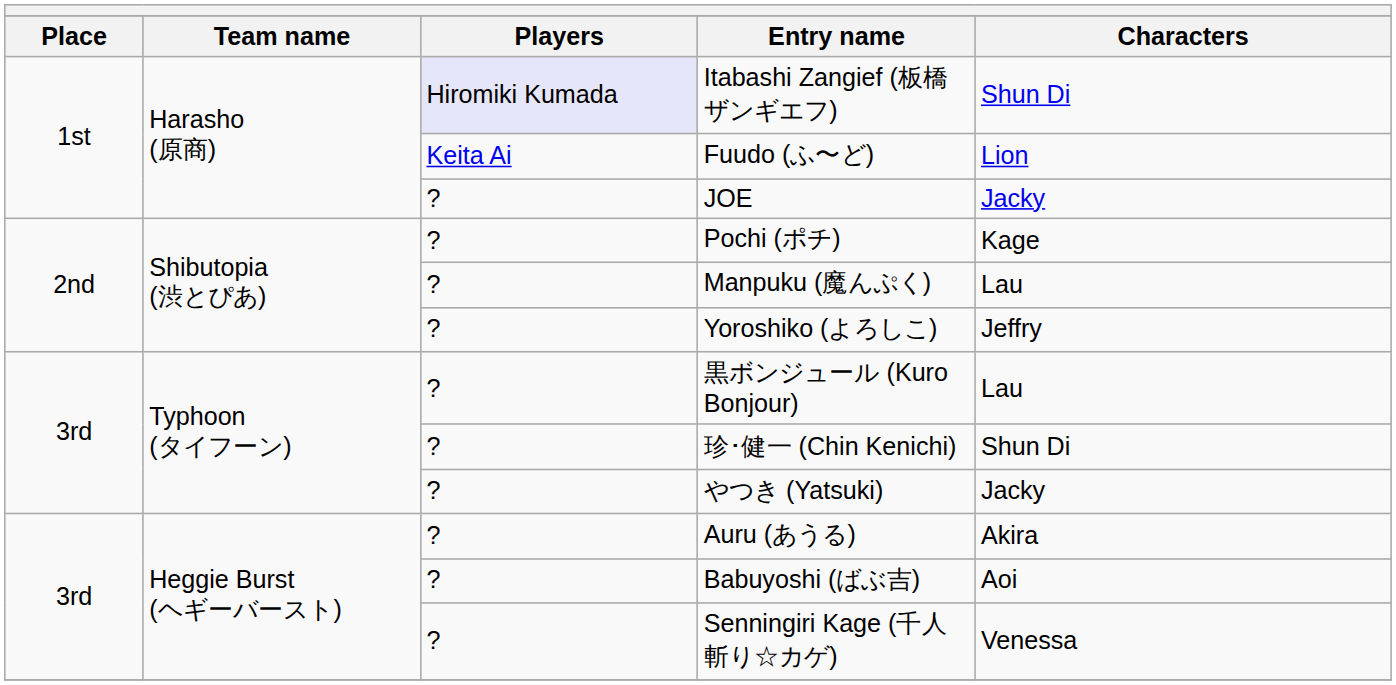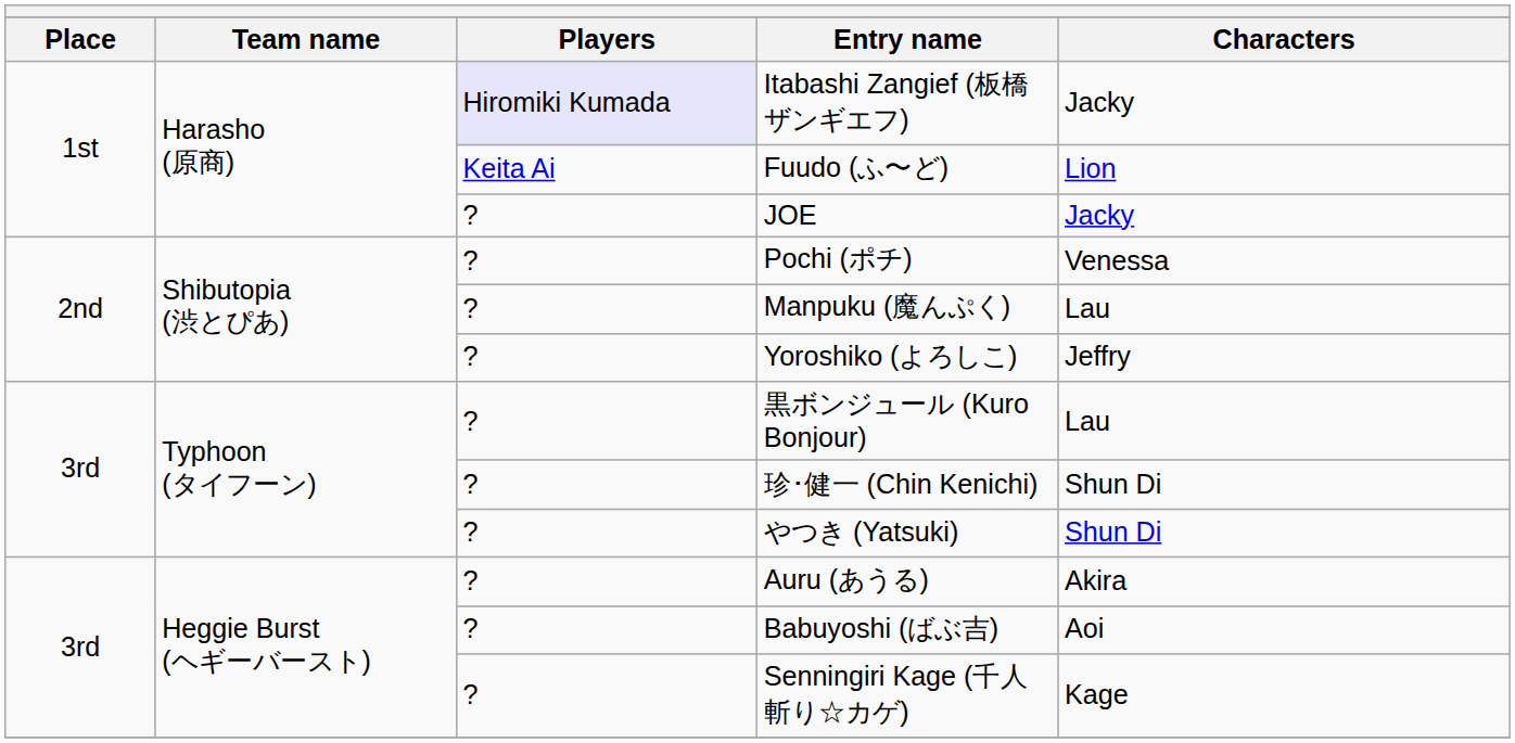 <table class="wikitable" width=100%>
 <tr>
 <th colspan=5></th>
 </tr>
 <tr bgcolor="#dddddd">
 </tr>
 <tr>
 <th width=10%>Place</th>
 <th width=20%>Team name</th>
 <th width=20%>Players</th>
 <th width=20%>Entry name</th>
 <th width=30%>Characters</th>
 </tr>
 <tr>
 <td align=center rowspan="3">1st</td>
 <td rowspan="3">Harasho<br>(原商)</td>
 <td style="background: lavender;">Hiromiki Kumada</td>
 <td>Itabashi Zangief (板橋ザンギエフ)</td>
-<td><a href='#'>Shun Di</a></td>
+<td>Jacky</td>
 </tr>
 <tr>
 <td><a href='#'>Keita Ai</a></td>
 <td>Fuudo (ふ〜ど)</td>
 <td><a href='#'>Lion</a></td>
 </tr>
 <tr>
 <td>?</td>
 <td>JOE</td>
 <td><a href='#'>Jacky</a></td>
 </tr>
 <tr>
 <td align=center rowspan="3">2nd</td>
 <td rowspan="3">Shibutopia<br>(渋とぴあ)</td>
 <td>?</td>
 <td>Pochi (ポチ)</td>
-<td>Kage</td>
+<td>Venessa</td>
 </tr>
 <tr>
 <td>?</td>
 <td>Manpuku (魔んぷく)</td>
 <td>Lau</td>
 </tr>
 <tr>
 <td>?</td>
 <td>Yoroshiko (よろしこ)</td>
 <td>Jeffry</td>
 </tr>
 <tr>
 <td align=center rowspan="3">3rd</td>
 <td rowspan="3">Typhoon<br>(タイフーン)</td>
 <td>?</td>
 <td>黒ボンジュール (Kuro Bonjour)</td>
 <td>Lau</td>
 </tr>
 <tr>
 <td>?</td>
 <td>珍･健一 (Chin Kenichi)</td>
 <td>Shun Di</td>
 </tr>
 <tr>
 <td>?</td>
 <td>やつき (Yatsuki)</td>
-<td>Jacky</td>
+<td><a href='#'>Shun Di</a></td>
 </tr>
 <tr>
 <td align=center rowspan="3">3rd</td>
 <td rowspan="3">Heggie Burst<br>(ヘギーバースト)</td>
 <td>?</td>
 <td>Auru (あうる)</td>
 <td>Akira</td>
 </tr>
 <tr>
 <td>?</td>
 <td>Babuyoshi (ばぶ吉)</td>
 <td>Aoi</td>
 </tr>
 <tr>
 <td>?</td>
 <td>Senningiri Kage (千人斬り☆カゲ)</td>
-<td>Venessa</td>
+<td>Kage</td>
 </tr>
 <tr>
 </tr>
 </table>
